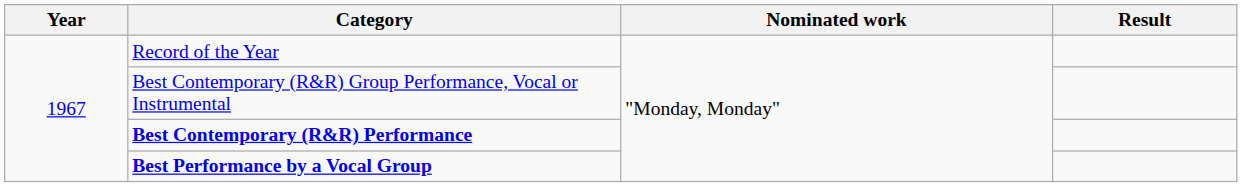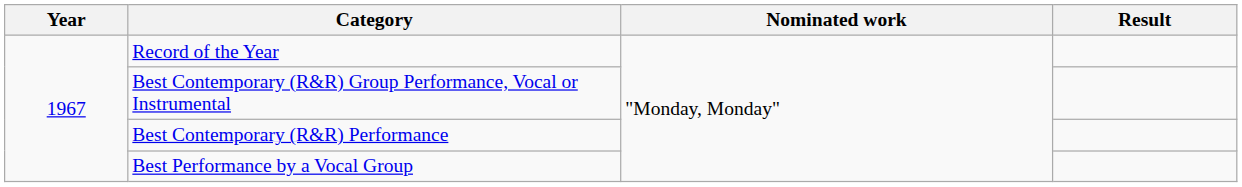 <table width="80%" class="wikitable">
 <tr>
 <th style="width:10%;">Year</th>
 <th style="width:40%;">Category</th>
 <th style="width:35%;">Nominated work</th>
 <th style="width:15%;">Result</th>
 </tr>
 <tr>
 <td rowspan="4" style="text-align:center;"><a href='#'>1967</a></td>
 <td><a href='#'>Record of the Year</a></td>
 <td rowspan="4">"Monday, Monday"</td>
 <td></td>
 </tr>
 <tr>
 <td><a href='#'>Best Contemporary (R&R) Group Performance, Vocal or Instrumental</a></td>
 <td></td>
 </tr>
 <tr>
-<td><strong><a href='#'>Best Contemporary (R&R) Performance</a></strong></td>
+<td><a href='#'>Best Contemporary (R&R) Performance</a></td>
 <td></td>
 </tr>
 <tr>
-<td><strong><a href='#'>Best Performance by a Vocal Group</a></strong></td>
+<td><a href='#'>Best Performance by a Vocal Group</a></td>
 <td></td>
 </tr>
 </table>
